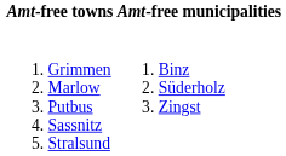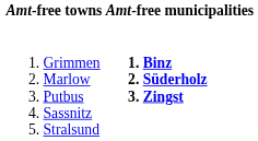 <table>
 <tr ---->
 <th><em>Amt</em>-free towns</th>
 <th><em>Amt</em>-free municipalities</th>
 </tr>
 <tr>
 <td valign=top><br><ol><li><a href='#'>Grimmen</a></li><li><a href='#'>Marlow</a></li><li><a href='#'>Putbus</a></li><li><a href='#'>Sassnitz</a></li><li><a href='#'>Stralsund</a></li></ol></td>
-<td valign=top><br><ol><li><a href='#'>Binz</a></li><li><a href='#'>Süderholz</a></li><li><a href='#'>Zingst</a></li></ol></td>
+<td valign=top><strong><br><ol><li><a href='#'>Binz</a></li><li><a href='#'>Süderholz</a></li><li><a href='#'>Zingst</a></li></ol></strong></td>
 </tr>
 </table>
